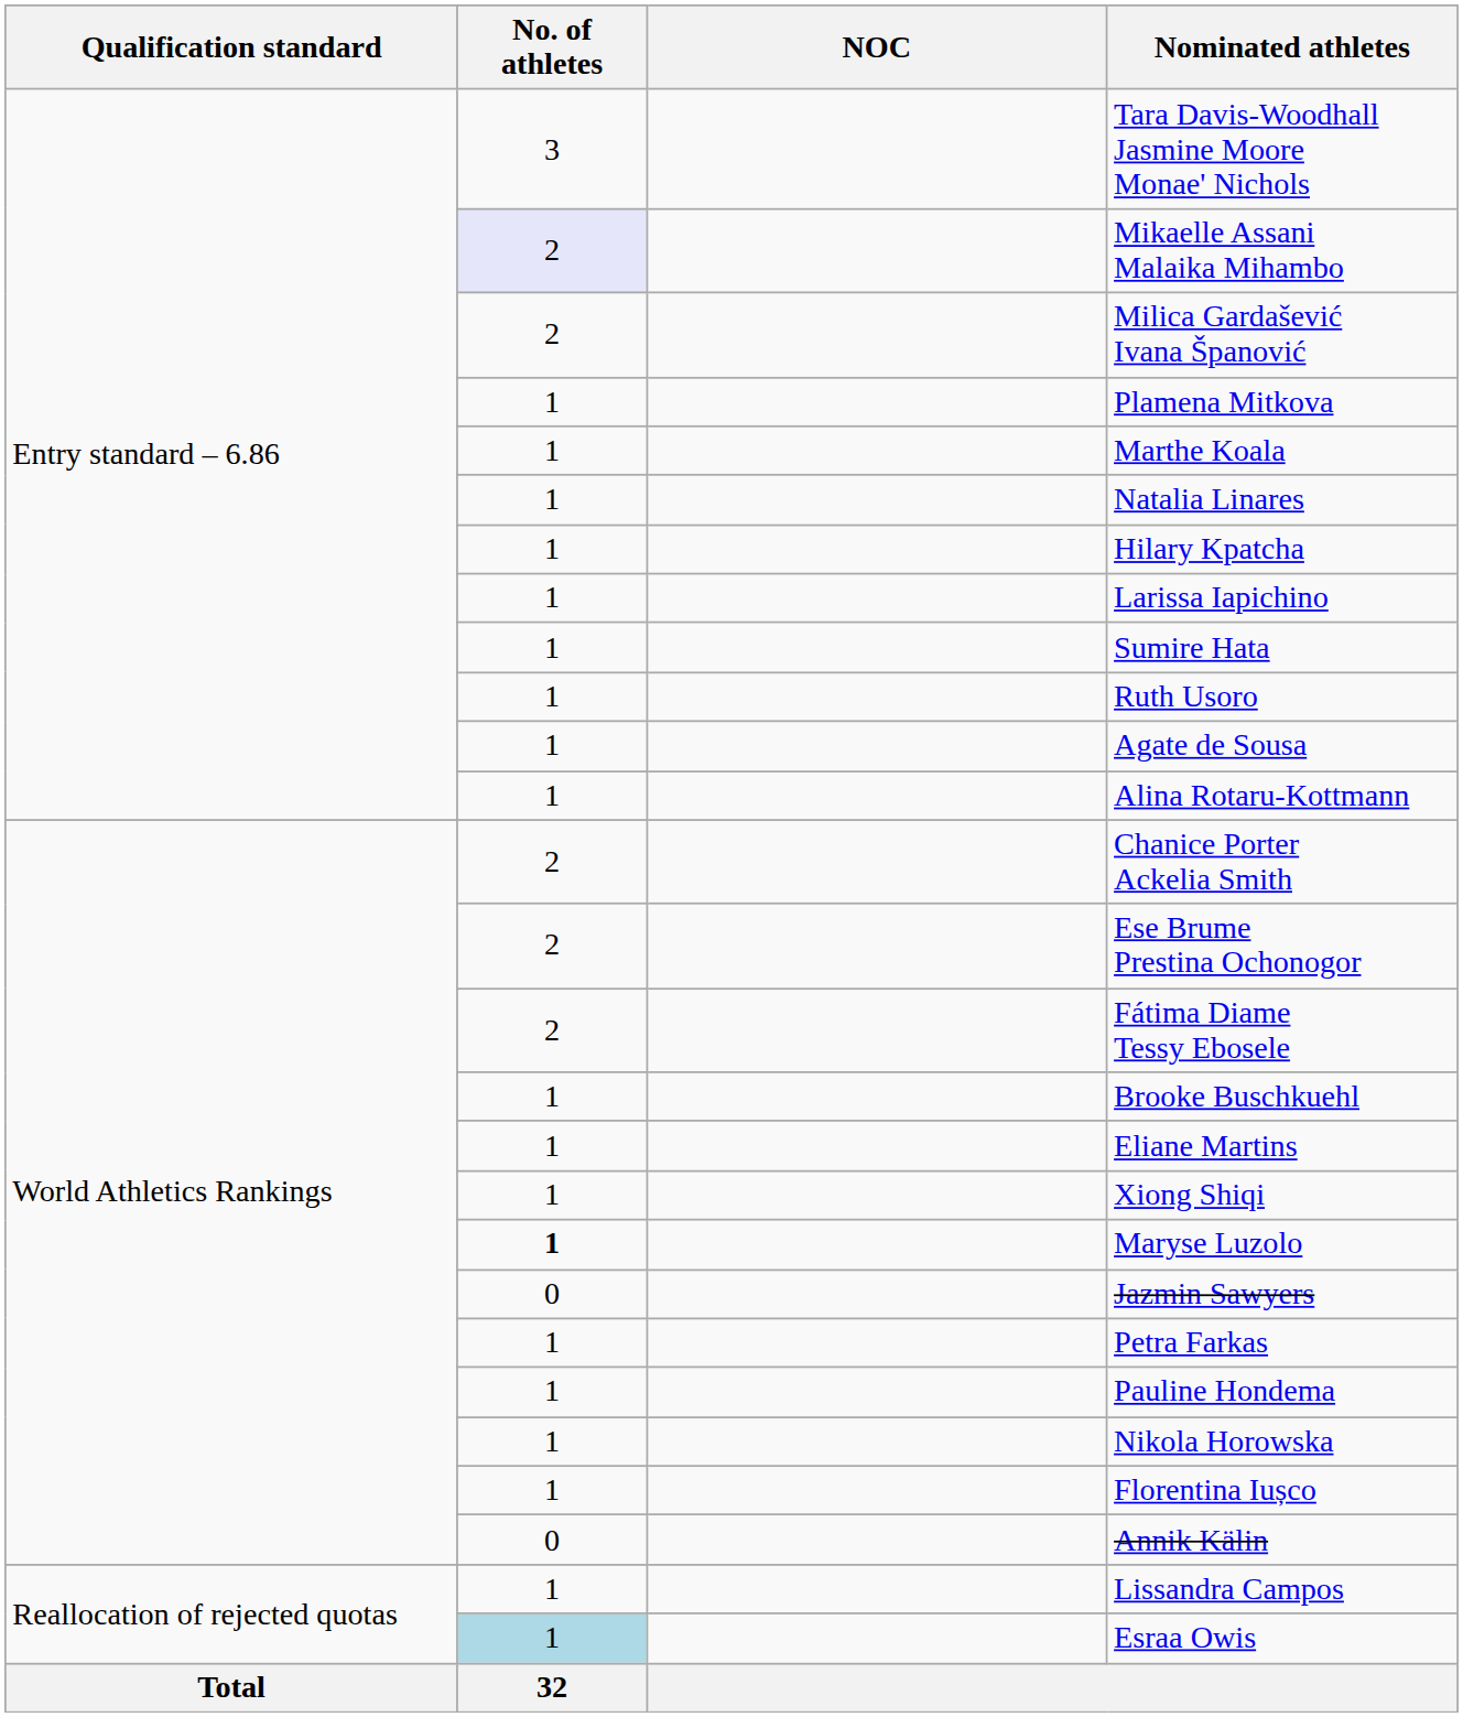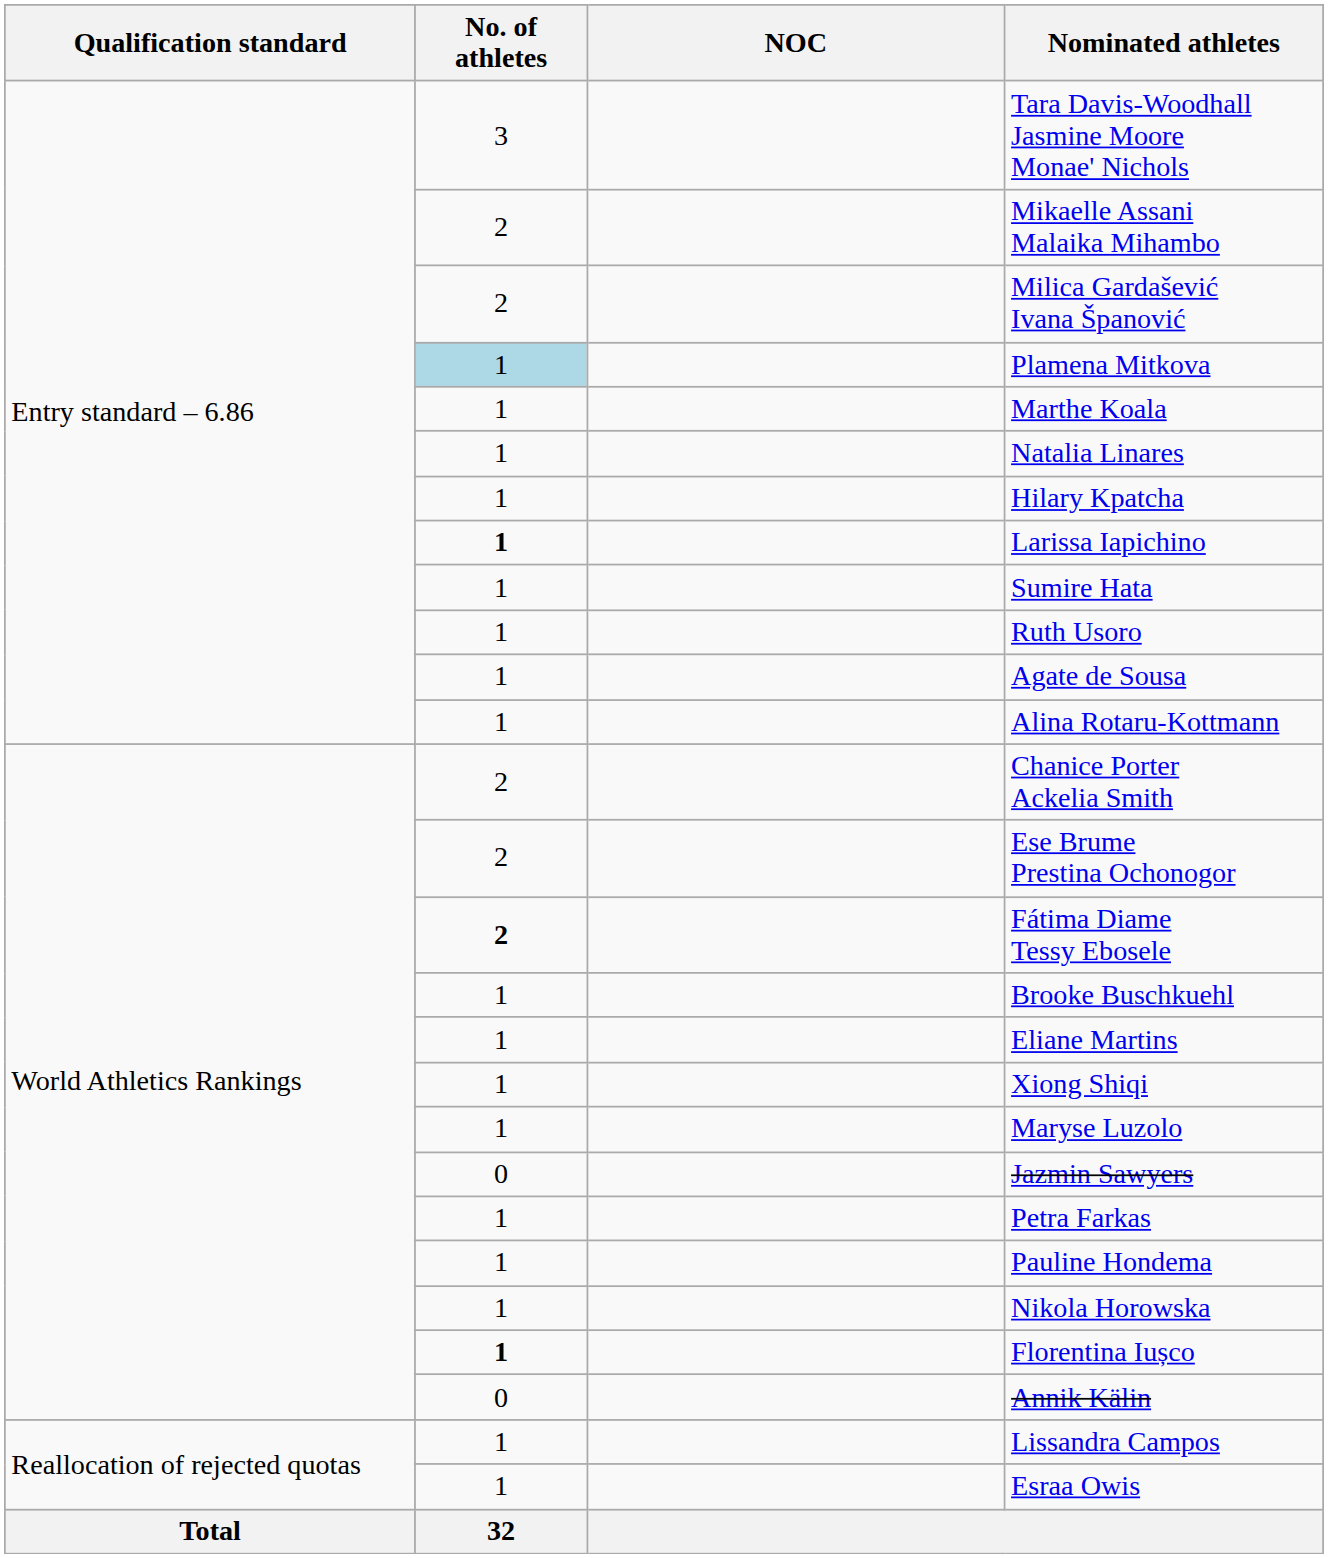 <table class="wikitable sortable" style="text-align:left; width:750px;">
 <tr>
 <th>Qualification standard</th>
 <th width=90>No. of athletes</th>
 <th width=230>NOC</th>
 <th>Nominated athletes</th>
 </tr>
 <tr>
 <td rowspan=12>Entry standard – 6.86</td>
 <td align=center>3</td>
 <td></td>
 <td><a href='#'>Tara Davis-Woodhall</a><br><a href='#'>Jasmine Moore</a><br><a href='#'>Monae' Nichols</a></td>
 </tr>
 <tr>
-<td align=center style="background: lavender;">2</td>
+<td align=center>2</td>
 <td></td>
 <td><a href='#'>Mikaelle Assani</a><br><a href='#'>Malaika Mihambo</a></td>
 </tr>
 <tr>
 <td align=center>2</td>
 <td></td>
 <td><a href='#'>Milica Gardašević</a><br><a href='#'>Ivana Španović</a></td>
 </tr>
 <tr>
-<td align=center>1</td>
+<td align=center style="background: lightblue;">1</td>
 <td></td>
 <td><a href='#'>Plamena Mitkova</a></td>
 </tr>
 <tr>
 <td align=center>1</td>
 <td></td>
 <td><a href='#'>Marthe Koala</a></td>
 </tr>
 <tr>
 <td align=center>1</td>
 <td></td>
 <td><a href='#'>Natalia Linares</a></td>
 </tr>
 <tr>
 <td align=center>1</td>
 <td></td>
 <td><a href='#'>Hilary Kpatcha</a></td>
 </tr>
 <tr>
-<td align=center>1</td>
+<td align=center><strong>1</strong></td>
 <td></td>
 <td><a href='#'>Larissa Iapichino</a></td>
 </tr>
 <tr>
 <td align=center>1</td>
 <td></td>
 <td><a href='#'>Sumire Hata</a></td>
 </tr>
 <tr>
 <td align=center>1</td>
 <td></td>
 <td><a href='#'>Ruth Usoro</a></td>
 </tr>
 <tr>
 <td align=center>1</td>
 <td></td>
 <td><a href='#'>Agate de Sousa</a></td>
 </tr>
 <tr>
 <td align=center>1</td>
 <td></td>
 <td><a href='#'>Alina Rotaru-Kottmann</a></td>
 </tr>
 <tr>
 <td rowspan=13>World Athletics Rankings</td>
 <td align=center>2</td>
 <td></td>
 <td><a href='#'>Chanice Porter</a><br><a href='#'>Ackelia Smith</a></td>
 </tr>
 <tr>
 <td align=center>2</td>
 <td></td>
 <td><a href='#'>Ese Brume</a><br><a href='#'>Prestina Ochonogor</a></td>
 </tr>
 <tr>
-<td align=center>2</td>
+<td align=center><strong>2</strong></td>
 <td></td>
 <td><a href='#'>Fátima Diame</a><br><a href='#'>Tessy Ebosele</a></td>
 </tr>
 <tr>
 <td align=center>1</td>
 <td></td>
 <td><a href='#'>Brooke Buschkuehl</a></td>
 </tr>
 <tr>
 <td align=center>1</td>
 <td></td>
 <td><a href='#'>Eliane Martins</a></td>
 </tr>
 <tr>
 <td align=center>1</td>
 <td></td>
 <td><a href='#'>Xiong Shiqi</a></td>
 </tr>
 <tr>
-<td align=center><strong>1</strong></td>
+<td align=center>1</td>
 <td></td>
 <td><a href='#'>Maryse Luzolo</a></td>
 </tr>
 <tr>
 <td align=center>0</td>
 <td><s></s></td>
 <td><s><a href='#'>Jazmin Sawyers</a></s></td>
 </tr>
 <tr>
 <td align=center>1</td>
 <td></td>
 <td><a href='#'>Petra Farkas</a></td>
 </tr>
 <tr>
 <td align=center>1</td>
 <td></td>
 <td><a href='#'>Pauline Hondema</a></td>
 </tr>
 <tr>
 <td align=center>1</td>
 <td></td>
 <td><a href='#'>Nikola Horowska</a></td>
 </tr>
 <tr>
-<td align=center>1</td>
+<td align=center><strong>1</strong></td>
 <td></td>
 <td><a href='#'>Florentina Iușco</a></td>
 </tr>
 <tr>
 <td align=center>0</td>
 <td><s></s></td>
 <td><s><a href='#'>Annik Kälin</a></s></td>
 </tr>
 <tr>
 <td rowspan=2>Reallocation of rejected quotas</td>
 <td align=center>1</td>
 <td></td>
 <td><a href='#'>Lissandra Campos</a></td>
 </tr>
 <tr>
-<td align=center style="background: lightblue;">1</td>
+<td align=center>1</td>
 <td></td>
 <td><a href='#'>Esraa Owis</a></td>
 </tr>
 <tr>
 <th>Total</th>
 <th>32</th>
 <th colspan=2></th>
 </tr>
 </table>
